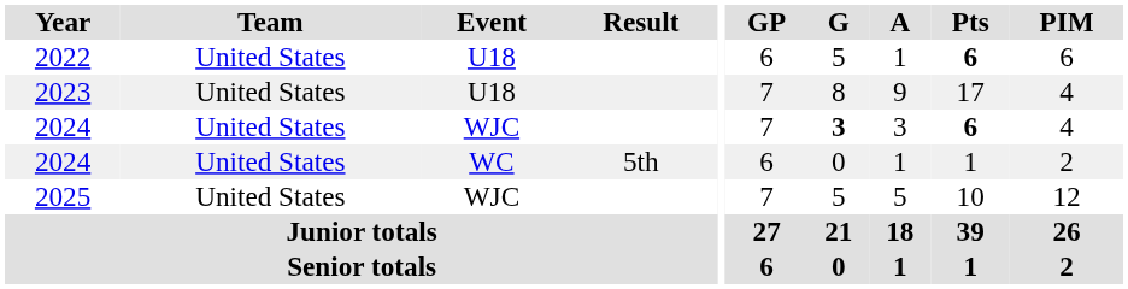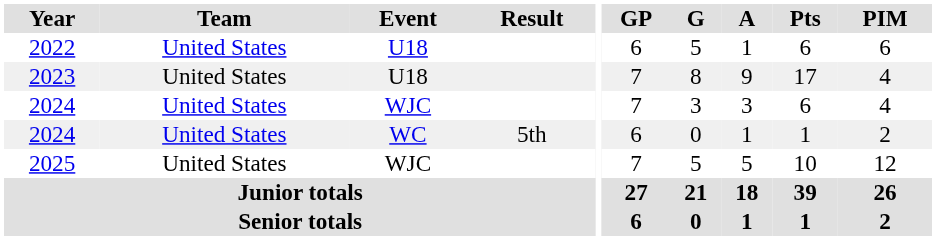 <table border="0" cellpadding="1" cellspacing="0" ID="Table3" style="text-align:center; width:40em;">
 <tr bgcolor="#e0e0e0">
 <th>Year</th>
 <th>Team</th>
 <th>Event</th>
 <th>Result</th>
 <th rowspan="99" bgcolor="#ffffff"></th>
 <th>GP</th>
 <th>G</th>
 <th>A</th>
 <th>Pts</th>
 <th>PIM</th>
 </tr>
 <tr>
 <td><a href='#'>2022</a></td>
 <td><a href='#'>United States</a></td>
 <td><a href='#'>U18</a></td>
 <td></td>
 <td>6</td>
 <td>5</td>
 <td>1</td>
-<td><strong>6</strong></td>
+<td>6</td>
 <td>6</td>
 </tr>
 <tr bgcolor="#f0f0f0">
 <td><a href='#'>2023</a></td>
 <td>United States</td>
 <td>U18</td>
 <td></td>
 <td>7</td>
 <td>8</td>
 <td>9</td>
 <td>17</td>
 <td>4</td>
 </tr>
 <tr>
 <td><a href='#'>2024</a></td>
 <td><a href='#'>United States</a></td>
 <td><a href='#'>WJC</a></td>
 <td></td>
 <td>7</td>
-<td><strong>3</strong></td>
 <td>3</td>
-<td><strong>6</strong></td>
+<td>3</td>
+<td>6</td>
 <td>4</td>
 </tr>
 <tr bgcolor="#f0f0f0">
 <td><a href='#'>2024</a></td>
 <td><a href='#'>United States</a></td>
 <td><a href='#'>WC</a></td>
 <td>5th</td>
 <td>6</td>
 <td>0</td>
 <td>1</td>
 <td>1</td>
 <td>2</td>
 </tr>
 <tr>
 <td><a href='#'>2025</a></td>
 <td>United States</td>
 <td>WJC</td>
 <td></td>
 <td>7</td>
 <td>5</td>
 <td>5</td>
 <td>10</td>
 <td>12</td>
 </tr>
 <tr bgcolor="#e0e0e0">
 <th colspan="4">Junior totals</th>
 <th>27</th>
 <th>21</th>
 <th>18</th>
 <th>39</th>
 <th>26</th>
 </tr>
 <tr bgcolor="#e0e0e0">
 <th colspan="4">Senior totals</th>
 <th>6</th>
 <th>0</th>
 <th>1</th>
 <th>1</th>
 <th>2</th>
 </tr>
 </table>
